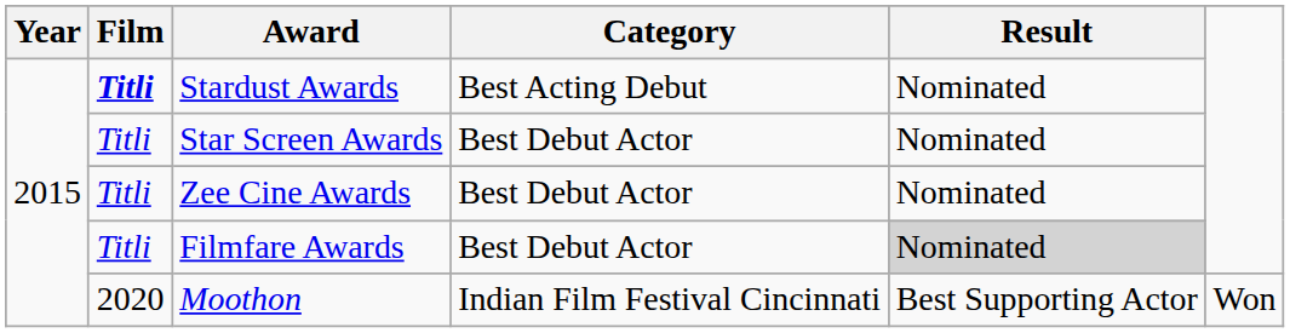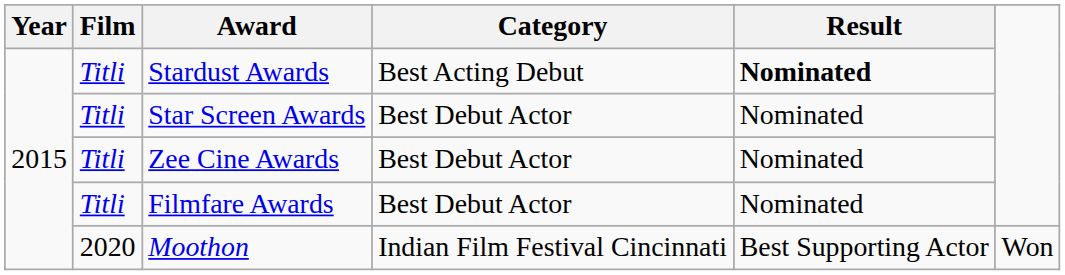 <table class="wikitable">
 <tr>
 <th>Year</th>
 <th>Film</th>
 <th>Award</th>
 <th>Category</th>
 <th>Result</th>
 </tr>
 <tr>
 <td rowspan=8>2015</td>
-<td><strong><em><a href='#'>Titli</a></em></strong></td>
+<td><em><a href='#'>Titli</a></em></td>
 <td><a href='#'>Stardust Awards</a></td>
 <td>Best Acting Debut</td>
-<td>Nominated </td>
+<td><strong>Nominated </strong></td>
 </tr>
 <tr>
 <td><em><a href='#'>Titli</a></em></td>
 <td><a href='#'>Star Screen Awards</a></td>
 <td>Best Debut Actor</td>
 <td>Nominated </td>
 </tr>
 <tr>
 <td><em><a href='#'>Titli</a></em></td>
 <td><a href='#'>Zee Cine Awards</a></td>
 <td>Best Debut Actor</td>
 <td>Nominated</td>
 </tr>
 <tr>
 <td><em><a href='#'>Titli</a></em></td>
 <td><a href='#'>Filmfare Awards</a></td>
 <td>Best Debut Actor</td>
-<td style="background: lightgrey;">Nominated</td>
+<td>Nominated</td>
 </tr>
 <tr>
 <td rowspan=9>2020</td>
 <td><em><a href='#'>Moothon </a></em></td>
 <td>Indian Film Festival Cincinnati</td>
 <td>Best Supporting Actor</td>
 <td>Won</td>
 </tr>
 </table>
